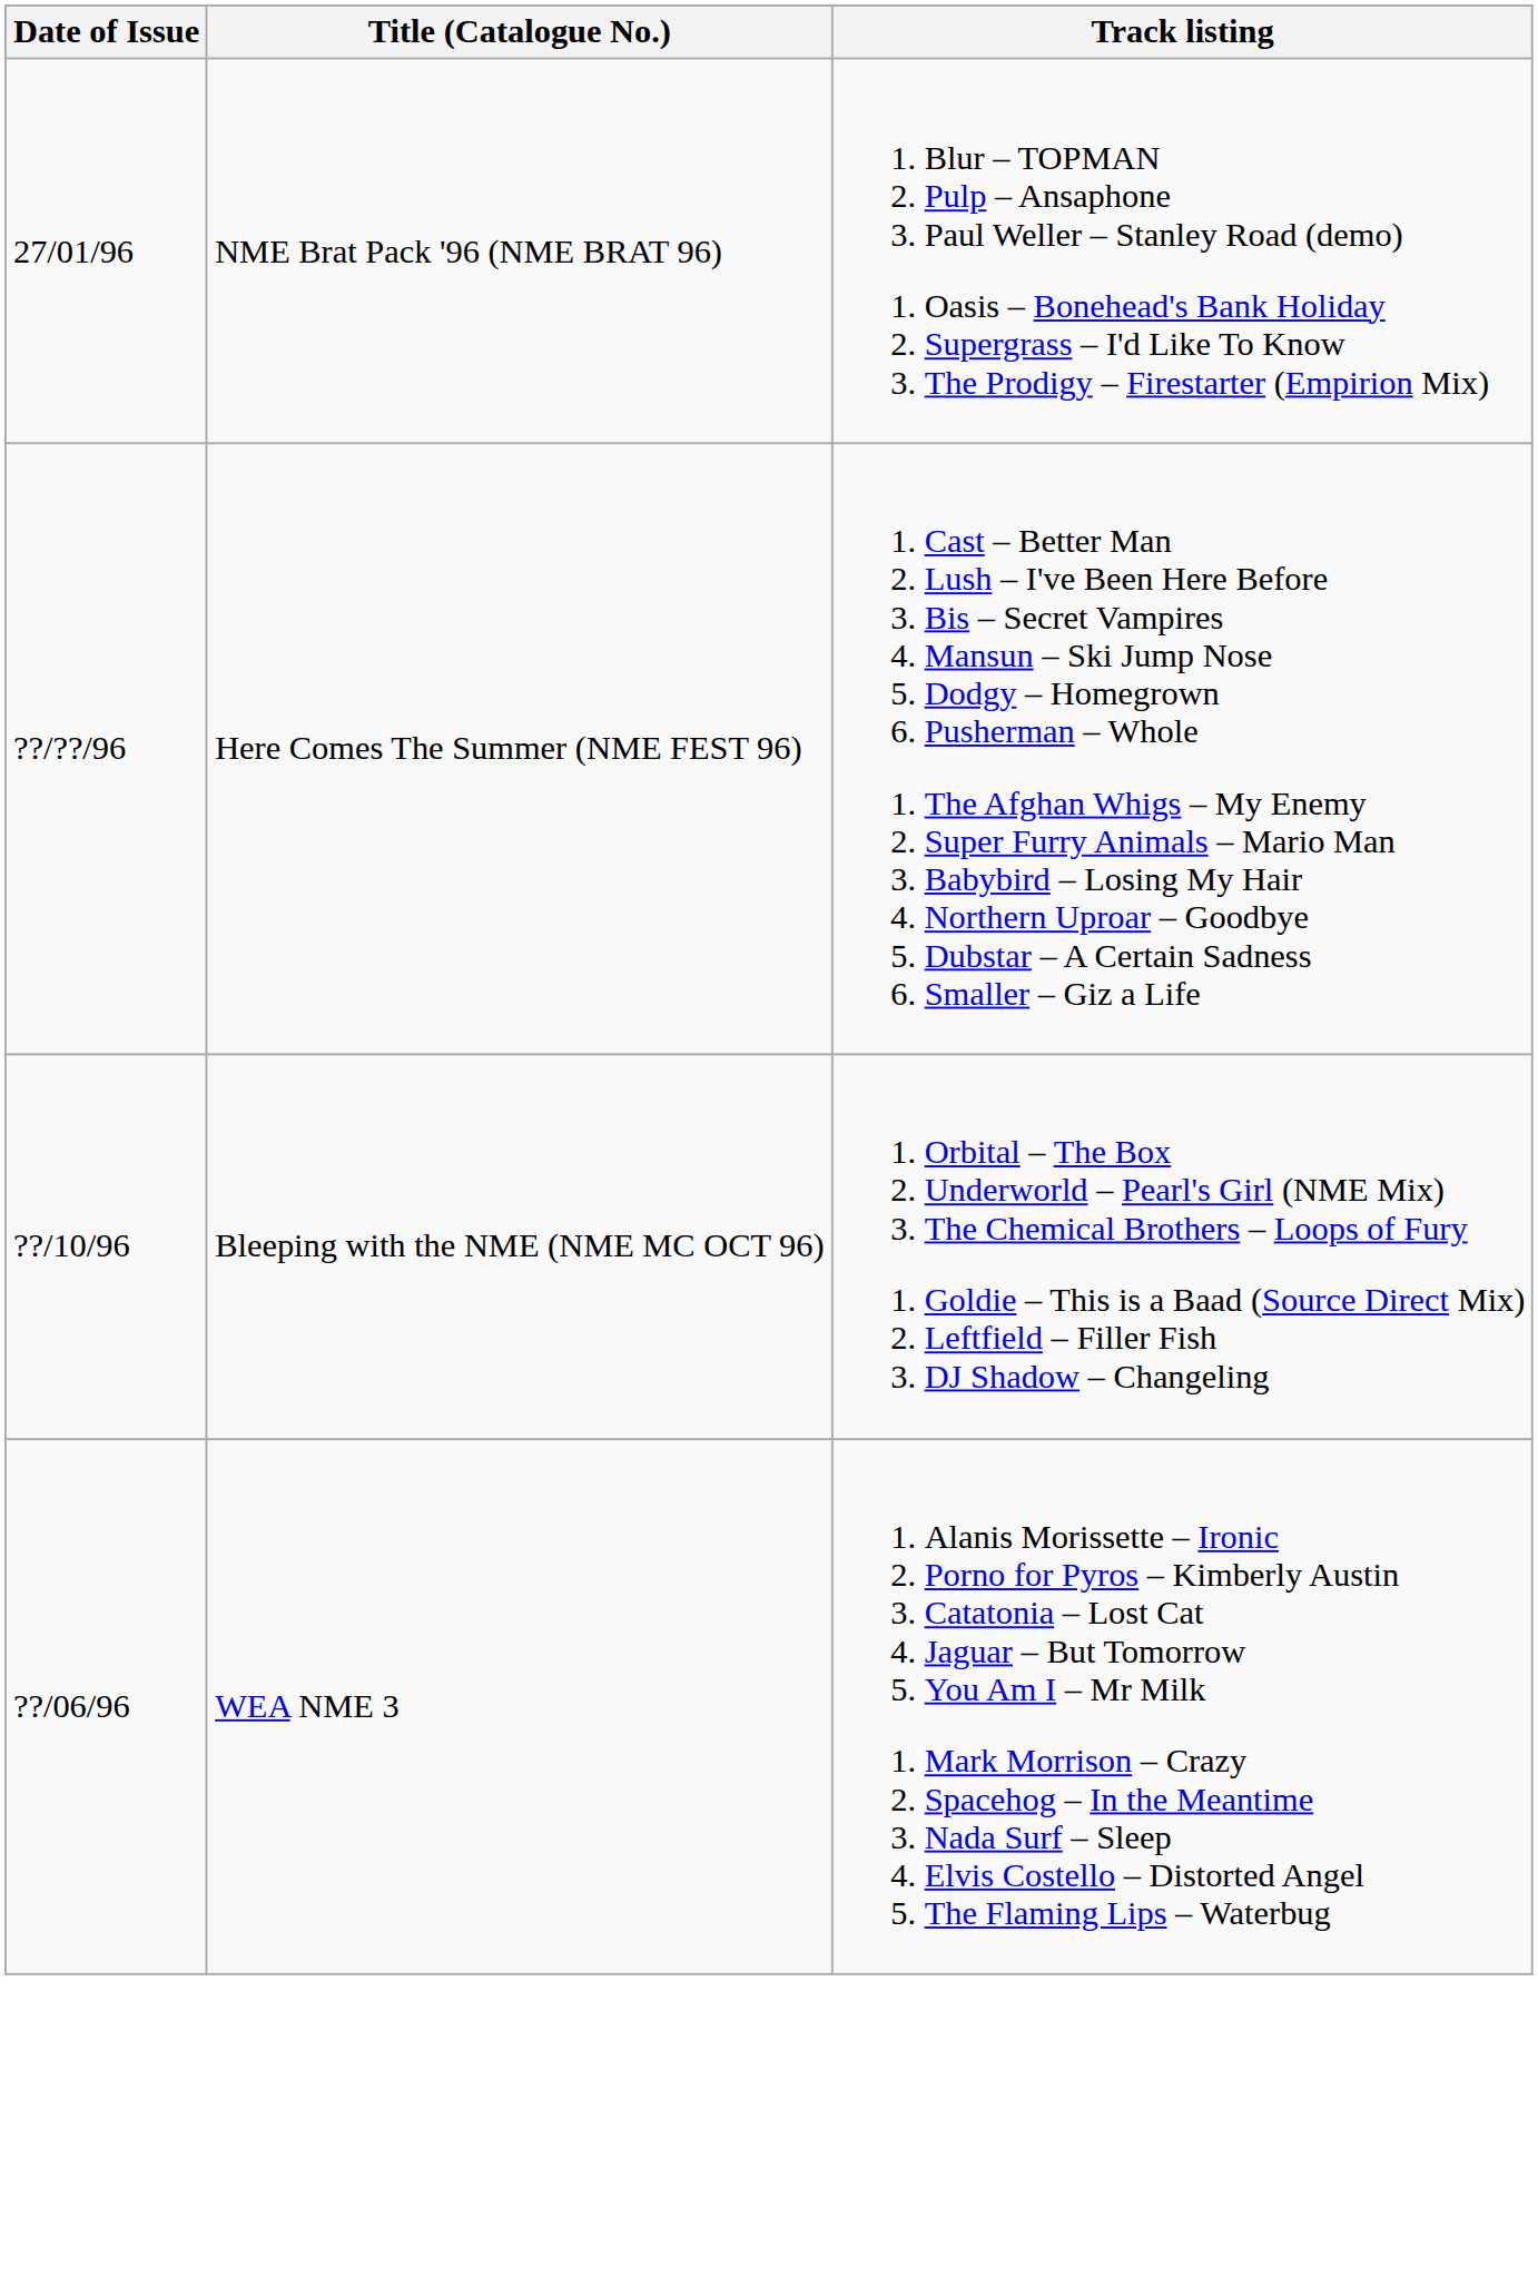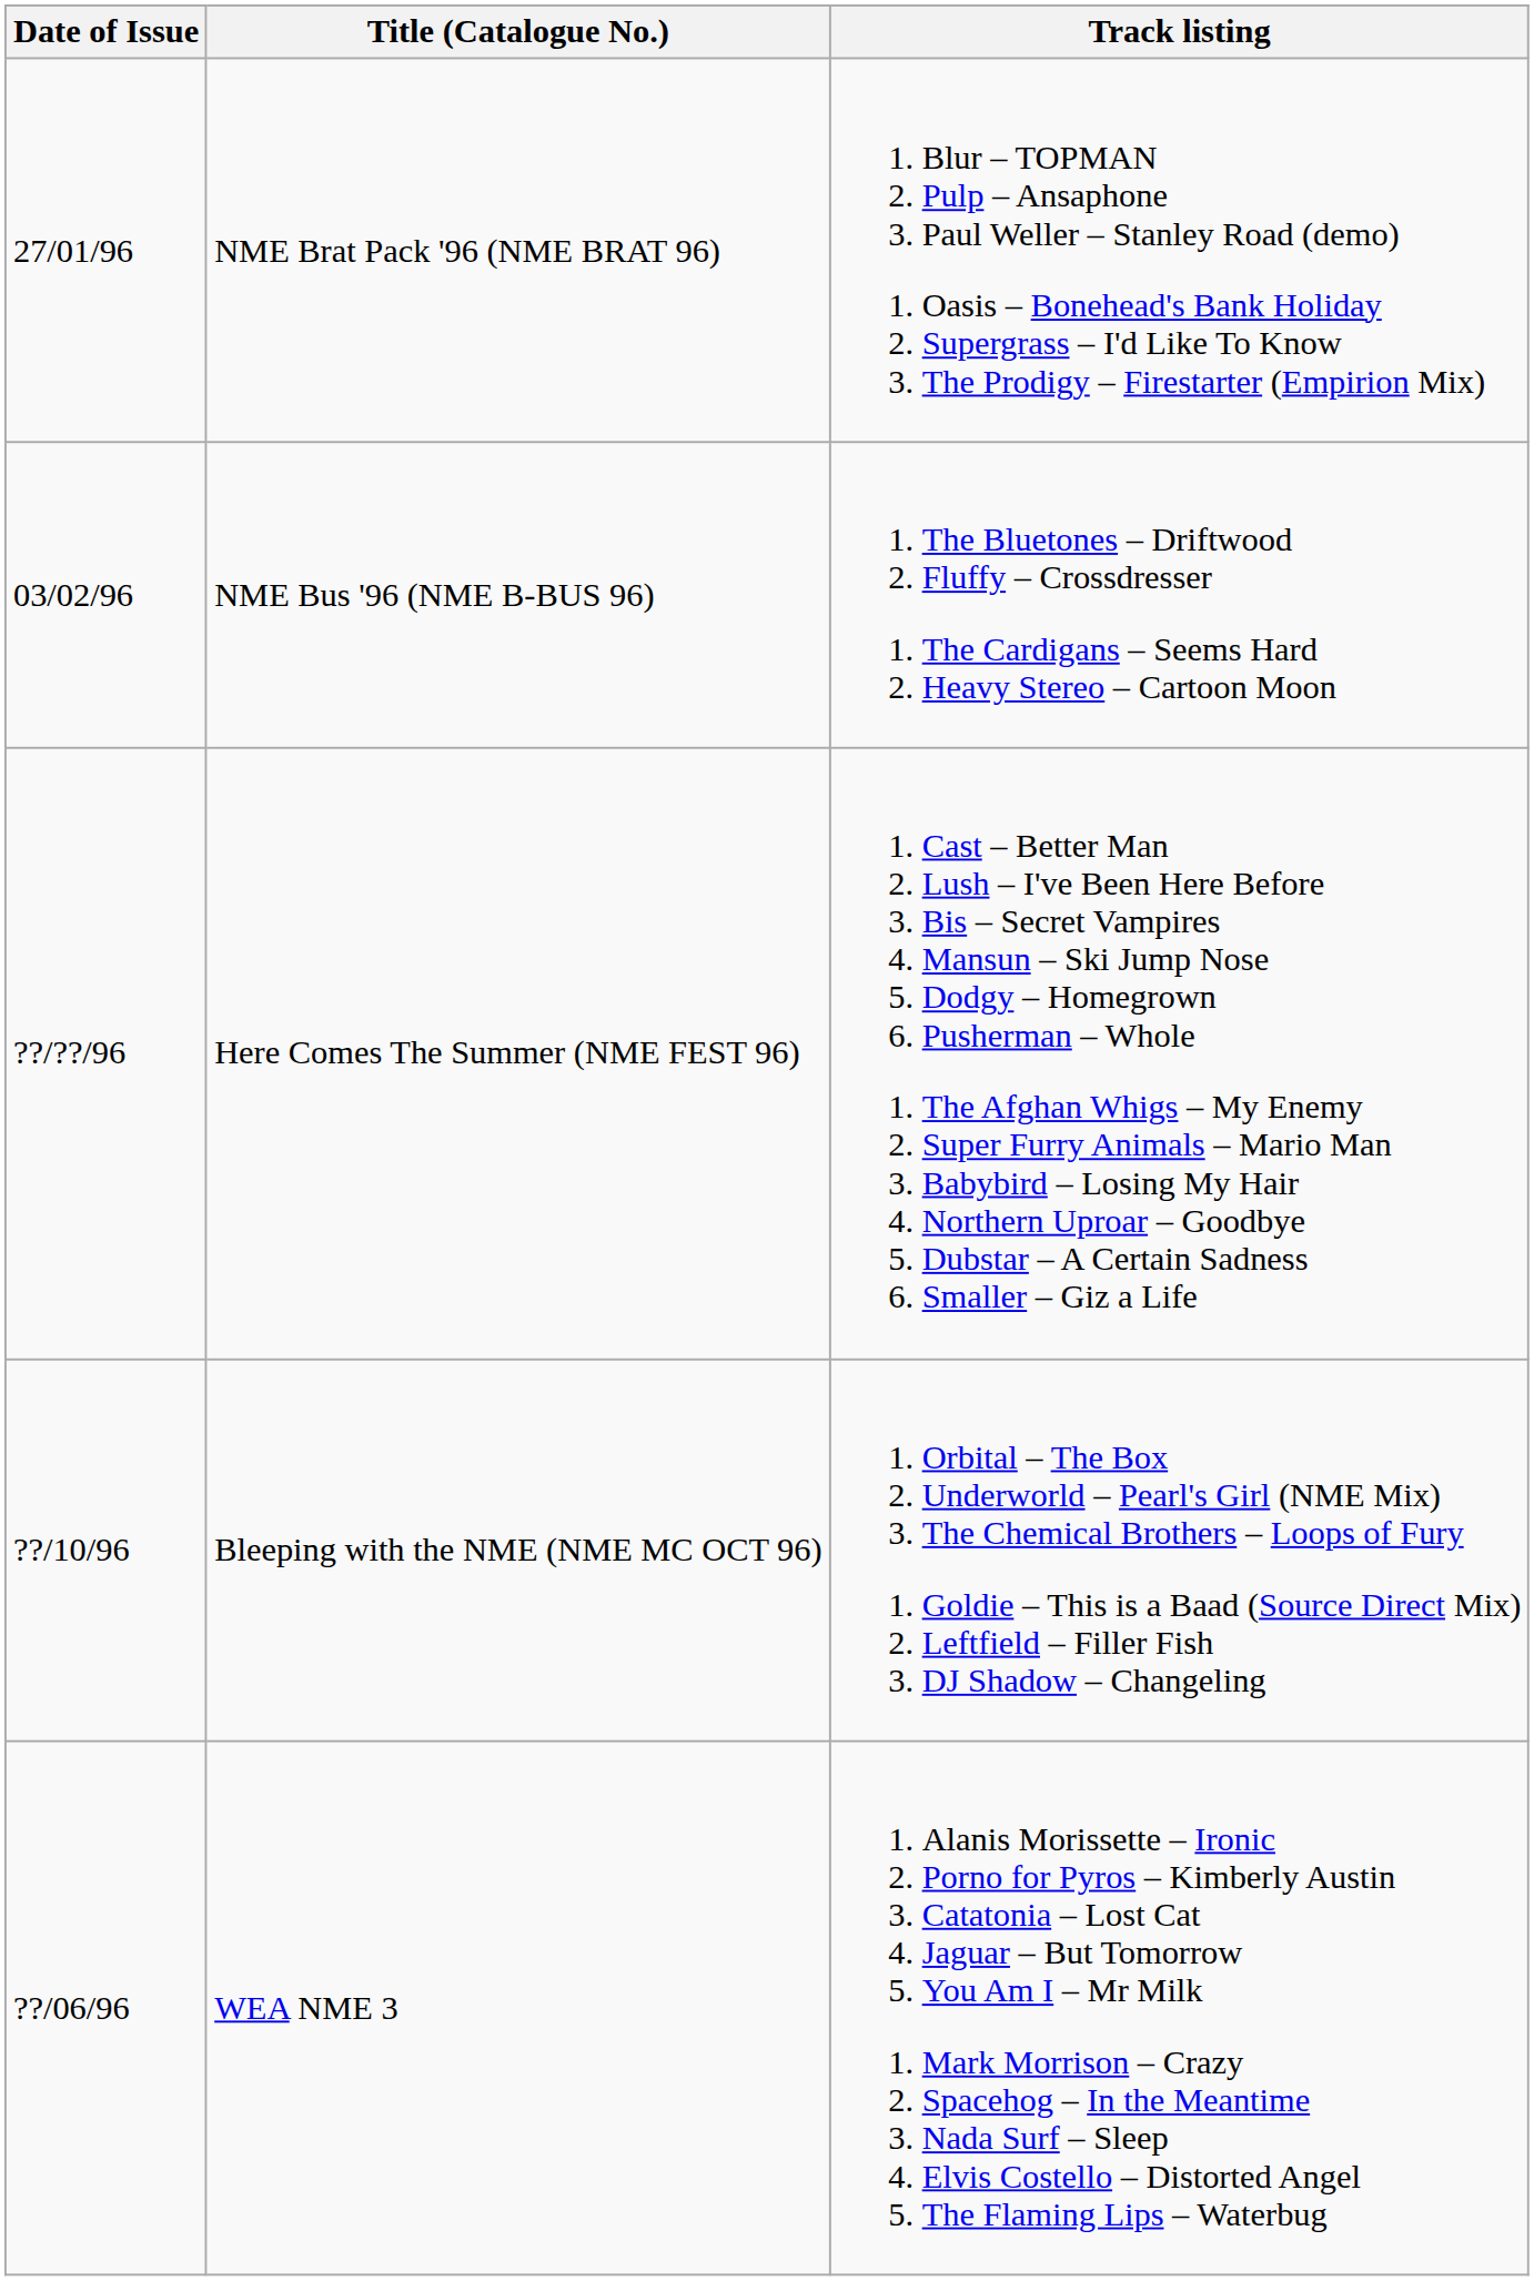 <table class="wikitable">
 <tr>
 <th>Date of Issue</th>
 <th>Title (Catalogue No.)</th>
 <th>Track listing</th>
 </tr>
 <tr>
 <td>27/01/96</td>
 <td>NME Brat Pack '96 (NME BRAT 96)</td>
 <td><br><ol><li>Blur – TOPMAN</li><li><a href='#'>Pulp</a> – Ansaphone</li><li>Paul Weller – Stanley Road (demo)</li></ol><ol><li>Oasis – <a href='#'>Bonehead's Bank Holiday</a></li><li><a href='#'>Supergrass</a> – I'd Like To Know</li><li><a href='#'>The Prodigy</a> – <a href='#'>Firestarter</a> (<a href='#'>Empirion</a> Mix)</li></ol></td>
+</tr>
+<tr>
+<td>03/02/96</td>
+<td>NME Bus '96 (NME B-BUS 96)</td>
+<td><br><ol><li><a href='#'>The Bluetones</a> – Driftwood</li><li><a href='#'>Fluffy</a> – Crossdresser</li></ol><ol><li><a href='#'>The Cardigans</a> – Seems Hard</li><li><a href='#'>Heavy Stereo</a> – Cartoon Moon</li></ol></td>
 </tr>
 <tr>
 <td>??/??/96</td>
 <td>Here Comes The Summer (NME FEST 96)</td>
 <td><br><ol><li><a href='#'>Cast</a> – Better Man</li><li><a href='#'>Lush</a> – I've Been Here Before</li><li><a href='#'>Bis</a> – Secret Vampires</li><li><a href='#'>Mansun</a> – Ski Jump Nose</li><li><a href='#'>Dodgy</a> – Homegrown</li><li><a href='#'>Pusherman</a> – Whole</li></ol><ol><li><a href='#'>The Afghan Whigs</a> – My Enemy</li><li><a href='#'>Super Furry Animals</a> – Mario Man</li><li><a href='#'>Babybird</a> – Losing My Hair</li><li><a href='#'>Northern Uproar</a> – Goodbye</li><li><a href='#'>Dubstar</a> – A Certain Sadness</li><li><a href='#'>Smaller</a> – Giz a Life</li></ol></td>
 </tr>
 <tr>
 <td>??/10/96</td>
 <td>Bleeping with the NME (NME MC OCT 96)</td>
 <td><br><ol><li><a href='#'>Orbital</a> – <a href='#'>The Box</a></li><li><a href='#'>Underworld</a> – <a href='#'>Pearl's Girl</a> (NME Mix)</li><li><a href='#'>The Chemical Brothers</a> – <a href='#'>Loops of Fury</a></li></ol><ol><li><a href='#'>Goldie</a> – This is a Baad (<a href='#'>Source Direct</a> Mix)</li><li><a href='#'>Leftfield</a> – Filler Fish</li><li><a href='#'>DJ Shadow</a> – Changeling</li></ol></td>
 </tr>
 <tr>
 <td>??/06/96</td>
 <td><a href='#'>WEA</a> NME 3</td>
 <td><br><ol><li>Alanis Morissette – <a href='#'>Ironic</a></li><li><a href='#'>Porno for Pyros</a> – Kimberly Austin</li><li><a href='#'>Catatonia</a> – Lost Cat</li><li><a href='#'>Jaguar</a> – But Tomorrow</li><li><a href='#'>You Am I</a> – Mr Milk</li></ol><ol><li><a href='#'>Mark Morrison</a> – Crazy</li><li><a href='#'>Spacehog</a> – <a href='#'>In the Meantime</a></li><li><a href='#'>Nada Surf</a> – Sleep</li><li><a href='#'>Elvis Costello</a> – Distorted Angel</li><li><a href='#'>The Flaming Lips</a> – Waterbug</li></ol></td>
 </tr>
 </table>
